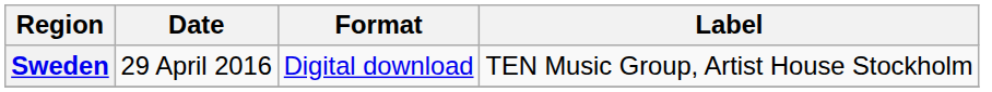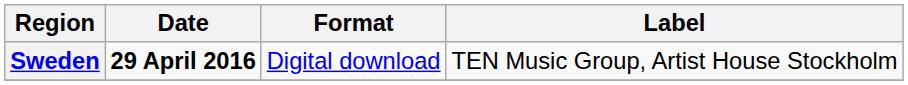 <table class="wikitable sortable plainrowheaders">
 <tr>
 <th scope="col">Region</th>
 <th scope="col">Date</th>
 <th scope="col">Format</th>
 <th scope="col">Label</th>
 </tr>
 <tr>
 <th scope="row"><a href='#'>Sweden</a></th>
-<td>29 April 2016</td>
+<td><strong>29 April 2016</strong></td>
 <td><a href='#'>Digital download</a></td>
 <td>TEN Music Group, Artist House Stockholm</td>
 </tr>
 <tr>
 </tr>
 </table>
